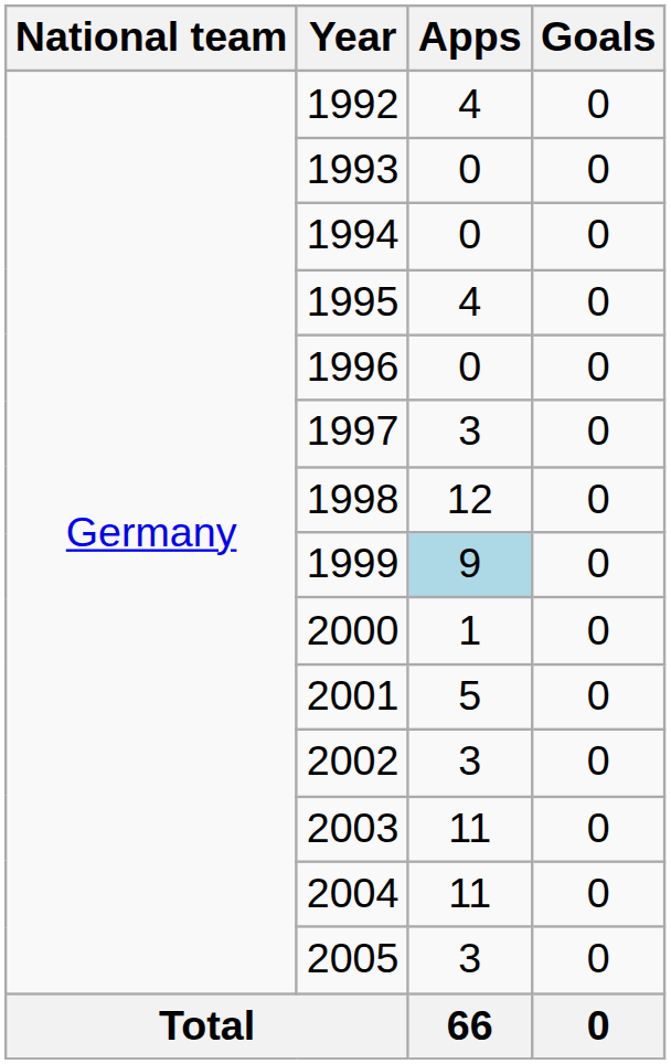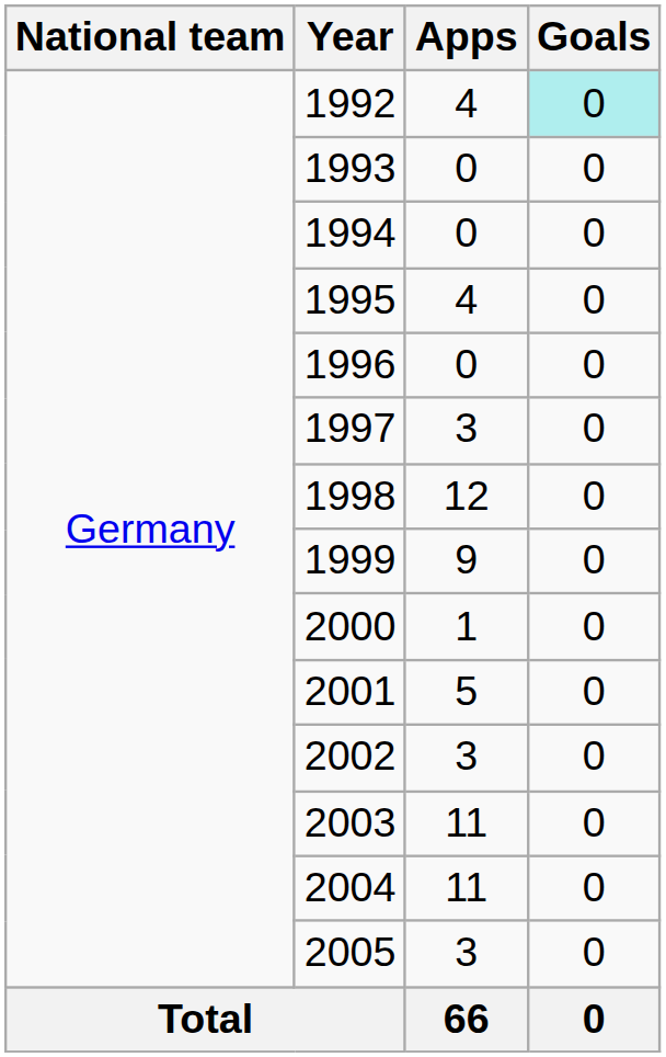 <table class="wikitable" style="text-align:center">
 <tr>
 <th>National team</th>
 <th>Year</th>
 <th>Apps</th>
 <th>Goals</th>
 </tr>
 <tr>
 <td rowspan="14"><a href='#'>Germany</a></td>
 <td>1992</td>
 <td>4</td>
-<td>0</td>
+<td style="background: paleturquoise;">0</td>
 </tr>
 <tr>
 <td>1993</td>
 <td>0</td>
 <td>0</td>
 </tr>
 <tr>
 <td>1994</td>
 <td>0</td>
 <td>0</td>
 </tr>
 <tr>
 <td>1995</td>
 <td>4</td>
 <td>0</td>
 </tr>
 <tr>
 <td>1996</td>
 <td>0</td>
 <td>0</td>
 </tr>
 <tr>
 <td>1997</td>
 <td>3</td>
 <td>0</td>
 </tr>
 <tr>
 <td>1998</td>
 <td>12</td>
 <td>0</td>
 </tr>
 <tr>
 <td>1999</td>
-<td style="background: lightblue;">9</td>
+<td>9</td>
 <td>0</td>
 </tr>
 <tr>
 <td>2000</td>
 <td>1</td>
 <td>0</td>
 </tr>
 <tr>
 <td>2001</td>
 <td>5</td>
 <td>0</td>
 </tr>
 <tr>
 <td>2002</td>
 <td>3</td>
 <td>0</td>
 </tr>
 <tr>
 <td>2003</td>
 <td>11</td>
 <td>0</td>
 </tr>
 <tr>
 <td>2004</td>
 <td>11</td>
 <td>0</td>
 </tr>
 <tr>
 <td>2005</td>
 <td>3</td>
 <td>0</td>
 </tr>
 <tr>
 <th colspan="2">Total</th>
 <th>66</th>
 <th>0</th>
 </tr>
 </table>
